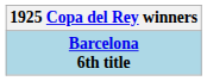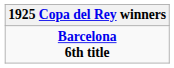 <table class="wikitable" style="text-align: center; margin: 0 auto;">
 <tr>
 <th>1925 <a href='#'>Copa del Rey</a> winners</th>
 </tr>
 <tr>
-<td style="background: lightblue;"><strong><a href='#'>Barcelona</a></strong><br><strong>6th title</strong></td>
+<td><strong><a href='#'>Barcelona</a></strong><br><strong>6th title</strong></td>
 </tr>
 </table>
